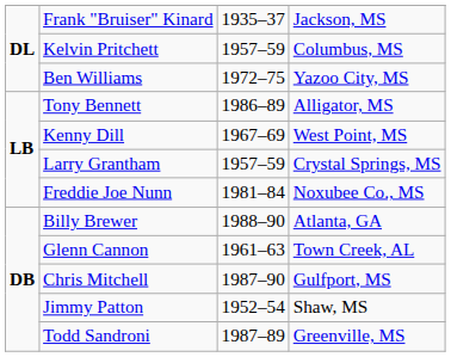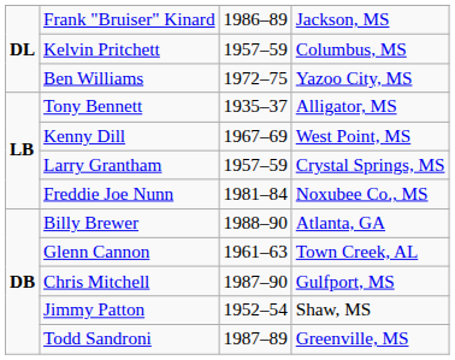 <table class="wikitable">
 <tr>
 </tr>
 <tr>
 <td rowspan=3><strong>DL</strong></td>
 <td><a href='#'>Frank "Bruiser" Kinard</a></td>
-<td>1935–37</td>
+<td>1986–89</td>
 <td><a href='#'>Jackson, MS</a></td>
 </tr>
 <tr>
 <td><a href='#'>Kelvin Pritchett</a></td>
 <td>1957–59</td>
 <td><a href='#'>Columbus, MS</a></td>
 </tr>
 <tr>
 <td><a href='#'>Ben Williams</a></td>
 <td>1972–75</td>
 <td><a href='#'>Yazoo City, MS</a></td>
 </tr>
 <tr>
 <td rowspan=4><strong>LB</strong></td>
 <td><a href='#'>Tony Bennett</a></td>
-<td>1986–89</td>
+<td>1935–37</td>
 <td><a href='#'>Alligator, MS</a></td>
 </tr>
 <tr>
 <td><a href='#'>Kenny Dill</a></td>
 <td>1967–69</td>
 <td><a href='#'>West Point, MS</a></td>
 </tr>
 <tr>
 <td><a href='#'>Larry Grantham</a></td>
 <td>1957–59</td>
 <td><a href='#'>Crystal Springs, MS</a></td>
 </tr>
 <tr>
 <td><a href='#'>Freddie Joe Nunn</a></td>
 <td>1981–84</td>
 <td><a href='#'>Noxubee Co., MS</a></td>
 </tr>
 <tr>
 <td rowspan=5><strong>DB</strong></td>
 <td><a href='#'>Billy Brewer</a></td>
 <td>1988–90</td>
 <td><a href='#'>Atlanta, GA</a></td>
 </tr>
 <tr>
 <td><a href='#'>Glenn Cannon</a></td>
 <td>1961–63</td>
 <td><a href='#'>Town Creek, AL</a></td>
 </tr>
 <tr>
 <td><a href='#'>Chris Mitchell</a></td>
 <td>1987–90</td>
 <td><a href='#'>Gulfport, MS</a></td>
 </tr>
 <tr>
 <td><a href='#'>Jimmy Patton</a></td>
 <td>1952–54</td>
 <td>Shaw, MS</td>
 </tr>
 <tr>
 <td><a href='#'>Todd Sandroni</a></td>
 <td>1987–89</td>
 <td><a href='#'>Greenville, MS</a></td>
 </tr>
 </table>
